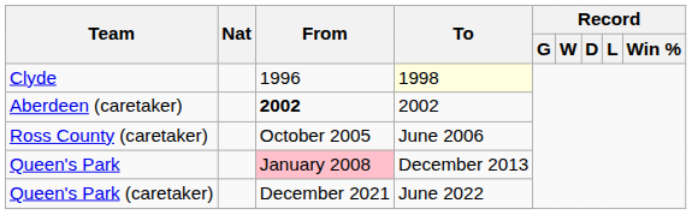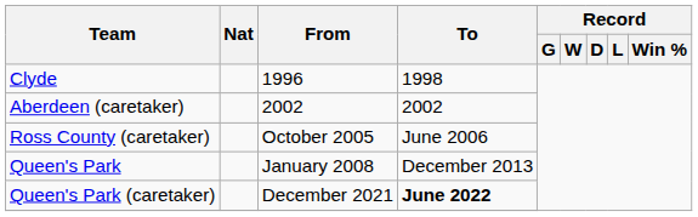 <table class="wikitable" style="text-align: center">
 <tr>
 <th rowspan="2">Team</th>
 <th rowspan="2">Nat</th>
 <th rowspan="2">From</th>
 <th rowspan="2">To</th>
 <th colspan="5">Record</th>
 </tr>
 <tr>
 <th>G</th>
 <th>W</th>
 <th>D</th>
 <th>L</th>
 <th>Win %</th>
 </tr>
 <tr>
 <td align=left><a href='#'>Clyde</a></td>
 <td></td>
 <td align=left>1996</td>
-<td align=left style="background: lightyellow;">1998<br></td>
+<td align=left>1998<br></td>
 </tr>
 <tr>
 <td align=left><a href='#'>Aberdeen</a> (caretaker)</td>
 <td></td>
-<td align=left><strong>2002</strong></td>
+<td align=left>2002</td>
 <td align=left>2002<br></td>
 </tr>
 <tr>
 <td align=left><a href='#'>Ross County</a> (caretaker)</td>
 <td></td>
 <td align=left>October 2005</td>
 <td align=left>June 2006<br></td>
 </tr>
 <tr>
 <td align=left><a href='#'>Queen's Park</a></td>
 <td></td>
-<td align=left style="background: pink;">January 2008</td>
+<td align=left>January 2008</td>
 <td align=left>December 2013<br></td>
 </tr>
 <tr>
 <td align=left><a href='#'>Queen's Park</a> (caretaker)</td>
 <td></td>
 <td align=left>December 2021</td>
-<td align=left>June 2022<br></td>
+<td align=left><strong>June 2022<br></strong></td>
 </tr>
 <tr>
 </tr>
 </table>
